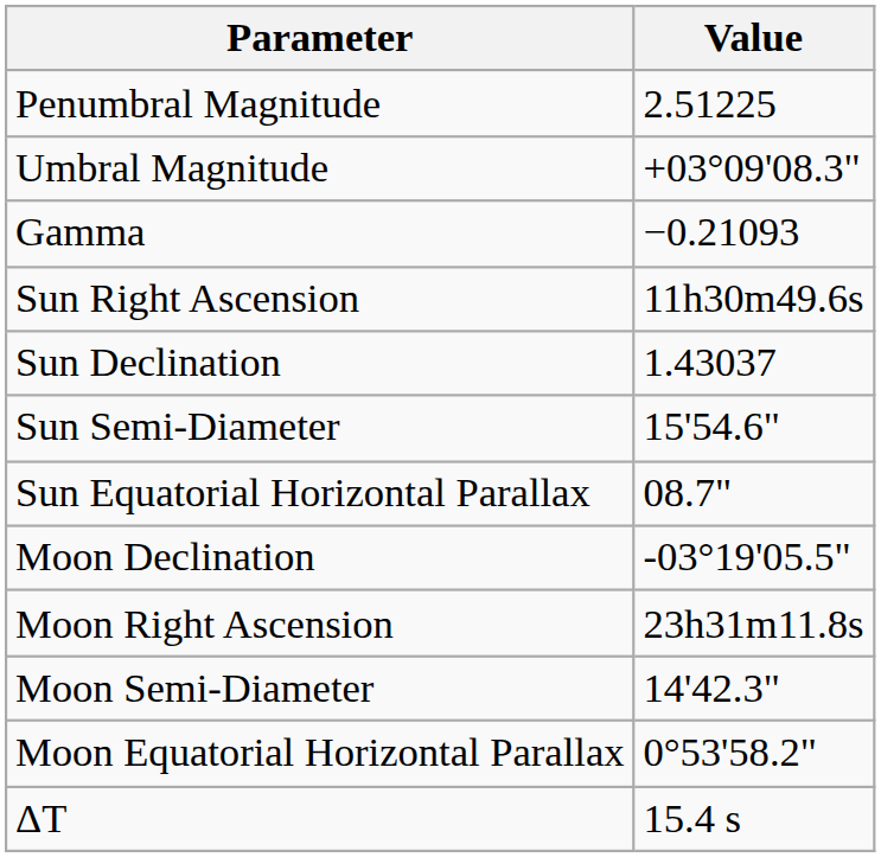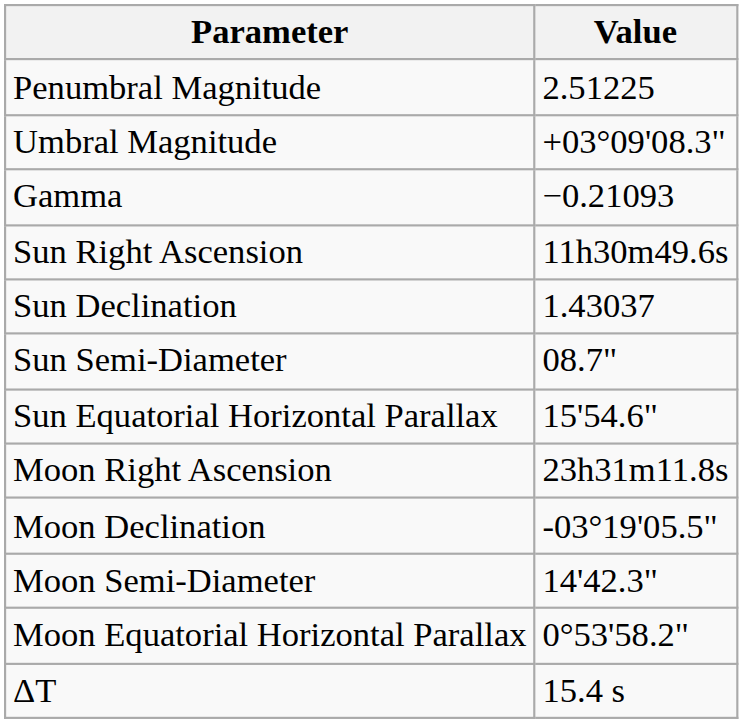 <table class="wikitable">
 <tr>
 <th>Parameter</th>
 <th>Value</th>
 </tr>
 <tr>
 <td>Penumbral Magnitude</td>
 <td>2.51225</td>
 </tr>
 <tr>
 <td>Umbral Magnitude</td>
 <td>+03°09'08.3"</td>
 </tr>
 <tr>
 <td>Gamma</td>
 <td>−0.21093</td>
 </tr>
 <tr>
 <td>Sun Right Ascension</td>
 <td>11h30m49.6s</td>
 </tr>
 <tr>
 <td>Sun Declination</td>
 <td>1.43037</td>
 </tr>
 <tr>
 <td>Sun Semi-Diameter</td>
+<td>08.7"</td>
+</tr>
+<tr>
+<td>Sun Equatorial Horizontal Parallax</td>
 <td>15'54.6"</td>
 </tr>
 <tr>
-<td>Sun Equatorial Horizontal Parallax</td>
-<td>08.7"</td>
+<td>Moon Right Ascension</td>
+<td>23h31m11.8s</td>
 </tr>
 <tr>
 <td>Moon Declination</td>
 <td>-03°19'05.5"</td>
-</tr>
-<tr>
-<td>Moon Right Ascension</td>
-<td>23h31m11.8s</td>
 </tr>
 <tr>
 <td>Moon Semi-Diameter</td>
 <td>14'42.3"</td>
 </tr>
 <tr>
 <td>Moon Equatorial Horizontal Parallax</td>
 <td>0°53'58.2"</td>
 </tr>
 <tr>
 <td>ΔT</td>
 <td>15.4 s</td>
 </tr>
 </table>
